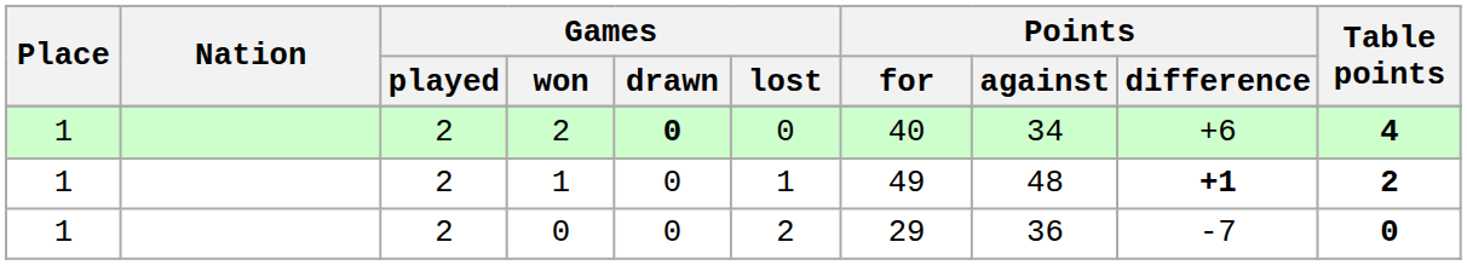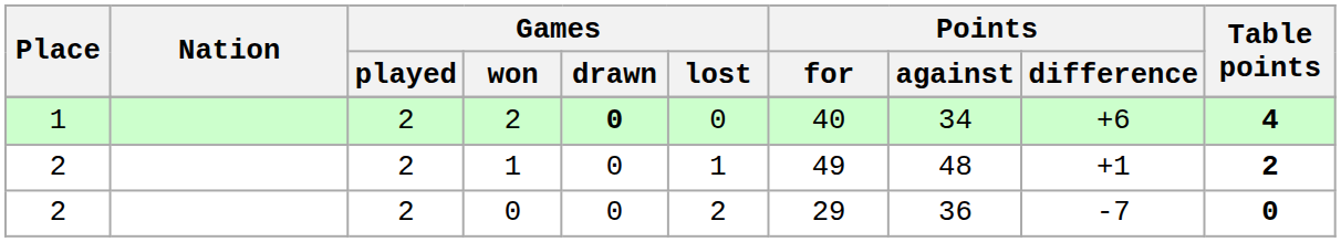 <table class="wikitable">
 <tr>
 <th rowspan=2 width="8%">Place</th>
 <th rowspan=2 width="20%">Nation</th>
 <th colspan=4 width="32%">Games</th>
 <th colspan=3 width="30%">Points</th>
 <th rowspan=2 width="10%">Table<br>points</th>
 </tr>
 <tr>
 <th width="8%">played</th>
 <th width="8%">won</th>
 <th width="8%">drawn</th>
 <th width="8%">lost</th>
 <th width="10%">for</th>
 <th width="10%">against</th>
 <th width="10%">difference</th>
 </tr>
 <tr>
 </tr>
 <tr bgcolor=#ccffcc align=center>
 <td>1</td>
 <td align=left></td>
 <td>2</td>
 <td>2</td>
 <td><strong>0</strong></td>
 <td>0</td>
 <td>40</td>
 <td>34</td>
 <td>+6</td>
 <td><strong>4</strong></td>
 </tr>
 <tr bgcolor=#ffffff align=center>
-<td>1</td>
+<td>2</td>
 <td align=left></td>
 <td>2</td>
 <td>1</td>
 <td>0</td>
 <td>1</td>
 <td>49</td>
 <td>48</td>
-<td><strong>+1</strong></td>
+<td>+1</td>
 <td><strong>2</strong></td>
 </tr>
 <tr bgcolor=#ffffff align=center>
-<td>1</td>
+<td>2</td>
 <td align=left></td>
 <td>2</td>
 <td>0</td>
 <td>0</td>
 <td>2</td>
 <td>29</td>
 <td>36</td>
 <td>-7</td>
 <td><strong>0</strong></td>
 </tr>
 </table>
